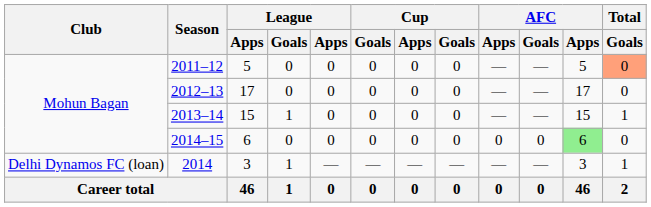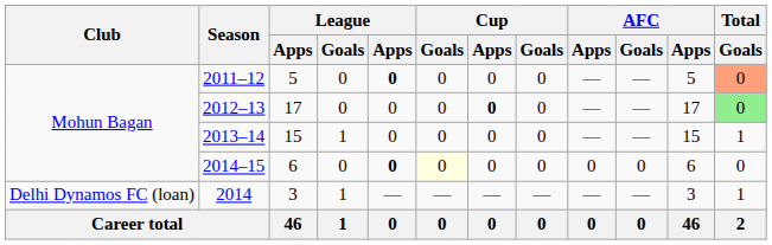 <table class="wikitable" style="font-size:90%; text-align:center;">
 <tr>
 <th rowspan="2">Club</th>
 <th rowspan="2">Season</th>
 <th colspan="3">League</th>
 <th colspan="3">Cup</th>
 <th colspan="3"><a href='#'>AFC</a></th>
 <th colspan="3">Total</th>
 </tr>
 <tr>
 <th>Apps</th>
 <th>Goals</th>
 <th>Apps</th>
 <th>Goals</th>
 <th>Apps</th>
 <th>Goals</th>
 <th>Apps</th>
 <th>Goals</th>
 <th>Apps</th>
 <th>Goals</th>
 </tr>
 <tr>
 <td rowspan="4"><a href='#'>Mohun Bagan</a></td>
 <td><a href='#'>2011–12</a></td>
 <td>5</td>
 <td>0</td>
-<td>0</td>
+<td><strong>0</strong></td>
 <td>0</td>
 <td>0</td>
 <td>0</td>
 <td>—</td>
 <td>—</td>
 <td>5</td>
 <td style="background: lightsalmon;">0</td>
 </tr>
 <tr>
 <td><a href='#'>2012–13</a></td>
 <td>17</td>
 <td>0</td>
 <td>0</td>
 <td>0</td>
-<td>0</td>
+<td><strong>0</strong></td>
 <td>0</td>
 <td>—</td>
 <td>—</td>
 <td>17</td>
-<td>0</td>
+<td style="background: lightgreen;">0</td>
 </tr>
 <tr>
 <td><a href='#'>2013–14</a></td>
 <td>15</td>
 <td>1</td>
 <td>0</td>
 <td>0</td>
 <td>0</td>
 <td>0</td>
 <td>—</td>
 <td>—</td>
 <td>15</td>
 <td>1</td>
 </tr>
 <tr>
 <td><a href='#'>2014–15</a></td>
 <td>6</td>
 <td>0</td>
+<td><strong>0</strong></td>
+<td style="background: lightyellow;">0</td>
 <td>0</td>
 <td>0</td>
 <td>0</td>
 <td>0</td>
-<td>0</td>
-<td>0</td>
-<td style="background: lightgreen;">6</td>
+<td>6</td>
 <td>0</td>
 </tr>
 <tr>
 <td rowspan="1"><a href='#'>Delhi Dynamos FC</a> (loan)</td>
 <td><a href='#'>2014</a></td>
 <td>3</td>
 <td>1</td>
 <td>—</td>
 <td>—</td>
 <td>—</td>
 <td>—</td>
 <td>—</td>
 <td>—</td>
 <td>3</td>
 <td>1</td>
 </tr>
 <tr>
 <th colspan="2">Career total</th>
 <th>46</th>
 <th>1</th>
 <th>0</th>
 <th>0</th>
 <th>0</th>
 <th>0</th>
 <th>0</th>
 <th>0</th>
 <th>46</th>
 <th>2</th>
 </tr>
 </table>
